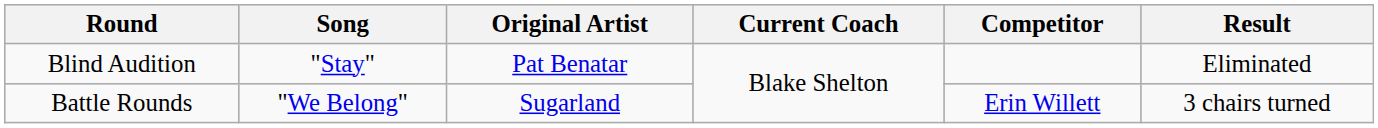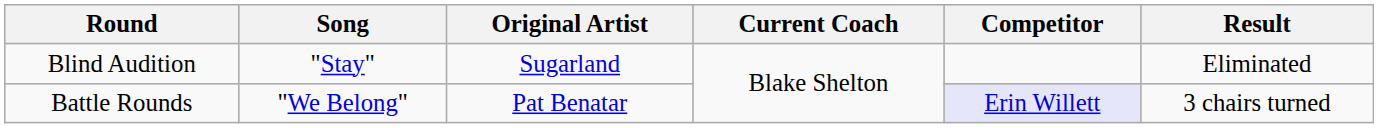 <table class="wikitable" style="text-align:center; width:100%">
 <tr>
 <th>Round</th>
 <th>Song</th>
 <th>Original Artist</th>
 <th>Current Coach</th>
 <th>Competitor</th>
 <th>Result</th>
 </tr>
 <tr>
 <td>Blind Audition</td>
 <td>"<a href='#'>Stay</a>"</td>
-<td><a href='#'>Pat Benatar</a></td>
+<td><a href='#'>Sugarland</a></td>
 <td rowspan="2">Blake Shelton</td>
 <td></td>
 <td>Eliminated</td>
 </tr>
 <tr>
 <td>Battle Rounds</td>
 <td>"<a href='#'>We Belong</a>"</td>
-<td><a href='#'>Sugarland</a></td>
-<td><a href='#'>Erin Willett</a></td>
+<td><a href='#'>Pat Benatar</a></td>
+<td style="background: lavender;"><a href='#'>Erin Willett</a></td>
 <td>3 chairs turned</td>
 </tr>
 </table>
